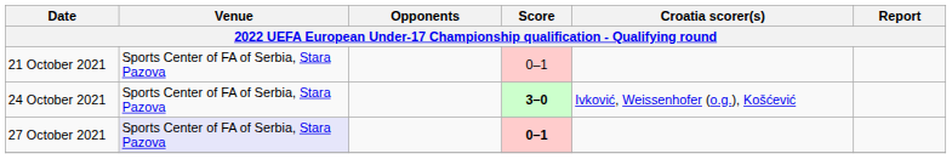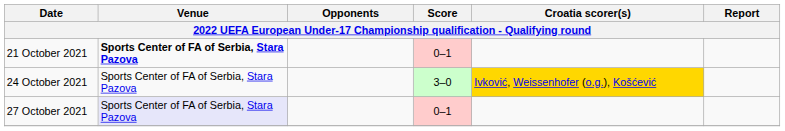 <table class="wikitable" style="font-size:95%;">
 <tr>
 <th width=125>Date</th>
 <th width=260>Venue</th>
 <th width=170>Opponents</th>
 <th width= 75>Score</th>
 <th width=320>Croatia scorer(s)</th>
 <th width=100>Report</th>
 </tr>
 <tr>
 <th colspan=7><a href='#'>2022 UEFA European Under-17 Championship qualification - Qualifying round</a></th>
 </tr>
 <tr>
 <td>21 October 2021</td>
-<td>Sports Center of FA of Serbia, <a href='#'>Stara Pazova</a></td>
+<td><strong>Sports Center of FA of Serbia, <a href='#'>Stara Pazova</a></strong></td>
 <td></td>
 <td align=center bgcolor=#FFCCCC>0–1</td>
 <td></td>
 <td></td>
 </tr>
 <tr>
 <td>24 October 2021</td>
 <td>Sports Center of FA of Serbia, <a href='#'>Stara Pazova</a></td>
 <td></td>
-<td align=center bgcolor=#CCFFCC><strong>3–0</strong></td>
-<td><a href='#'>Ivković</a>, <a href='#'>Weissenhofer</a> (<a href='#'>o.g.</a>), <a href='#'>Košćević</a></td>
+<td align=center bgcolor=#CCFFCC>3–0</td>
+<td style="background: gold;"><a href='#'>Ivković</a>, <a href='#'>Weissenhofer</a> (<a href='#'>o.g.</a>), <a href='#'>Košćević</a></td>
 <td></td>
 </tr>
 <tr>
 <td>27 October 2021</td>
 <td style="background: lavender;">Sports Center of FA of Serbia, <a href='#'>Stara Pazova</a></td>
 <td></td>
-<td align=center bgcolor=#FFCCCC><strong>0–1</strong></td>
+<td align=center bgcolor=#FFCCCC>0–1</td>
 <td></td>
 <td></td>
 </tr>
 <tr>
 </tr>
 </table>
